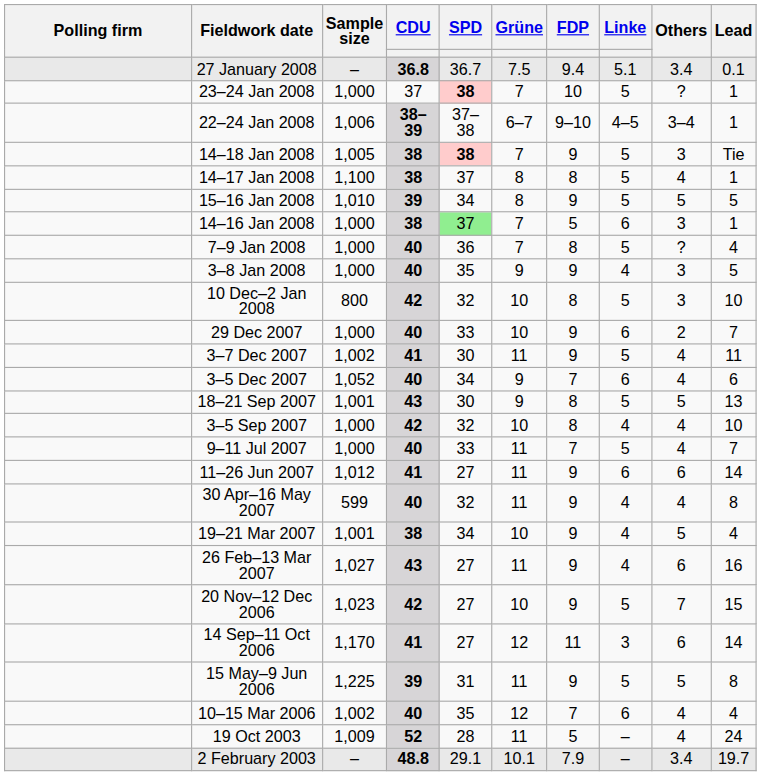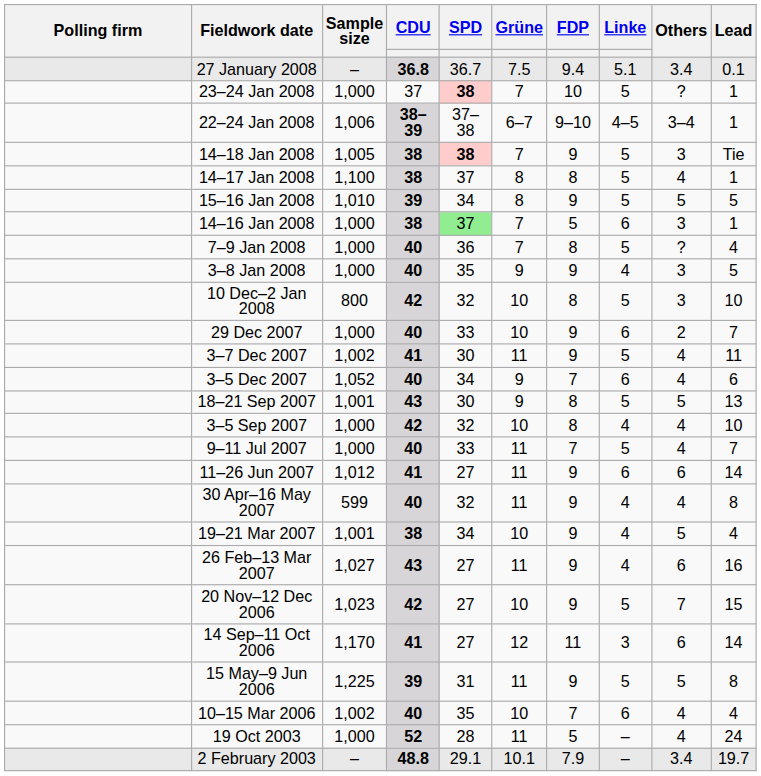 <table class="wikitable sortable" style="text-align:center;font-size:90%;line-height:14px;">
 <tr style="height:40px;">
 <th style="width:160px;" rowspan="2">Polling firm</th>
 <th style="width:110px;" rowspan="2">Fieldwork date</th>
 <th style="width:35px;" rowspan="2">Sample<br>size</th>
 <th class="unsortable" style="width:40px;"><a href='#'>CDU</a></th>
 <th class="unsortable" style="width:40px;"><a href='#'>SPD</a></th>
 <th class="unsortable" style="width:40px;"><a href='#'>Grüne</a></th>
 <th class="unsortable" style="width:40px;"><a href='#'>FDP</a></th>
 <th class="unsortable" style="width:40px;"><a href='#'>Linke</a></th>
 <th class="unsortable" style="width:40px;" rowspan="2">Others</th>
 <th style="width:30px;" rowspan="2">Lead</th>
 </tr>
 <tr>
 <th style="background:"></th>
 <th style="background:"></th>
 <th style="background:"></th>
 <th style="background:"></th>
 <th style="background:"></th>
 </tr>
 <tr style="background:#E9E9E9;">
 <td></td>
 <td data-sort-value="2008-01-27">27 January 2008</td>
 <td>–</td>
 <td style="background:#D7D5D7;"><strong>36.8</strong></td>
 <td>36.7</td>
 <td>7.5</td>
 <td>9.4</td>
 <td>5.1</td>
 <td>3.4</td>
 <td style="background:">0.1</td>
 </tr>
 <tr>
 <td></td>
 <td data-sort-value="2008-01-25">23–24 Jan 2008</td>
 <td>1,000</td>
 <td>37</td>
 <td style="background:#FFCCCC;"><strong>38</strong></td>
 <td>7</td>
 <td>10</td>
 <td>5</td>
 <td>?</td>
 <td style="background:">1</td>
 </tr>
 <tr>
 <td></td>
 <td data-sort-value="2008-01-25">22–24 Jan 2008</td>
 <td>1,006</td>
 <td style="background:#D7D5D7;"><strong>38–39</strong></td>
 <td>37–38</td>
 <td>6–7</td>
 <td>9–10</td>
 <td>4–5</td>
 <td>3–4</td>
 <td style="background:">1</td>
 </tr>
 <tr>
 <td></td>
 <td data-sort-value="2008-01-22">14–18 Jan 2008</td>
 <td>1,005</td>
 <td style="background:#D7D5D7;"><strong>38</strong></td>
 <td style="background:#FFCCCC;"><strong>38</strong></td>
 <td>7</td>
 <td>9</td>
 <td>5</td>
 <td>3</td>
 <td data-sort-value="0">Tie</td>
 </tr>
 <tr>
 <td></td>
 <td data-sort-value="2008-01-18">14–17 Jan 2008</td>
 <td>1,100</td>
 <td style="background:#D7D5D7;"><strong>38</strong></td>
 <td>37</td>
 <td>8</td>
 <td>8</td>
 <td>5</td>
 <td>4</td>
 <td style="background:">1</td>
 </tr>
 <tr>
 <td></td>
 <td data-sort-value="2008-01-18">15–16 Jan 2008</td>
 <td>1,010</td>
 <td style="background:#D7D5D7;"><strong>39</strong></td>
 <td>34</td>
 <td>8</td>
 <td>9</td>
 <td>5</td>
 <td>5</td>
 <td style="background:">5</td>
 </tr>
 <tr>
 <td></td>
 <td data-sort-value="2008-01-17">14–16 Jan 2008</td>
 <td>1,000</td>
 <td style="background:#D7D5D7;"><strong>38</strong></td>
 <td style="background: lightgreen;">37</td>
 <td>7</td>
 <td>5</td>
 <td>6</td>
 <td>3</td>
 <td style="background:">1</td>
 </tr>
 <tr>
 <td></td>
 <td data-sort-value="2008-01-11">7–9 Jan 2008</td>
 <td>1,000</td>
 <td style="background:#D7D5D7;"><strong>40</strong></td>
 <td>36</td>
 <td>7</td>
 <td>8</td>
 <td>5</td>
 <td>?</td>
 <td style="background:">4</td>
 </tr>
 <tr>
 <td></td>
 <td data-sort-value="2008-01-09">3–8 Jan 2008</td>
 <td>1,000</td>
 <td style="background:#D7D5D7;"><strong>40</strong></td>
 <td>35</td>
 <td>9</td>
 <td>9</td>
 <td>4</td>
 <td>3</td>
 <td style="background:">5</td>
 </tr>
 <tr>
 <td></td>
 <td data-sort-value="2008-01-05">10 Dec–2 Jan 2008</td>
 <td>800</td>
 <td style="background:#D7D5D7;"><strong>42</strong></td>
 <td>32</td>
 <td>10</td>
 <td>8</td>
 <td>5</td>
 <td>3</td>
 <td style="background:">10</td>
 </tr>
 <tr>
 <td></td>
 <td data-sort-value="2007-12-29">29 Dec 2007</td>
 <td>1,000</td>
 <td style="background:#D7D5D7;"><strong>40</strong></td>
 <td>33</td>
 <td>10</td>
 <td>9</td>
 <td>6</td>
 <td>2</td>
 <td style="background:">7</td>
 </tr>
 <tr>
 <td></td>
 <td data-sort-value="2007-12-12">3–7 Dec 2007</td>
 <td>1,002</td>
 <td style="background:#D7D5D7;"><strong>41</strong></td>
 <td>30</td>
 <td>11</td>
 <td>9</td>
 <td>5</td>
 <td>4</td>
 <td style="background:">11</td>
 </tr>
 <tr>
 <td></td>
 <td data-sort-value="2007-12-07">3–5 Dec 2007</td>
 <td>1,052</td>
 <td style="background:#D7D5D7;"><strong>40</strong></td>
 <td>34</td>
 <td>9</td>
 <td>7</td>
 <td>6</td>
 <td>4</td>
 <td style="background:">6</td>
 </tr>
 <tr>
 <td></td>
 <td data-sort-value="2007-09-26">18–21 Sep 2007</td>
 <td>1,001</td>
 <td style="background:#D7D5D7;"><strong>43</strong></td>
 <td>30</td>
 <td>9</td>
 <td>8</td>
 <td>5</td>
 <td>5</td>
 <td style="background:">13</td>
 </tr>
 <tr>
 <td></td>
 <td data-sort-value="2007-09-06">3–5 Sep 2007</td>
 <td>1,000</td>
 <td style="background:#D7D5D7;"><strong>42</strong></td>
 <td>32</td>
 <td>10</td>
 <td>8</td>
 <td>4</td>
 <td>4</td>
 <td style="background:">10</td>
 </tr>
 <tr>
 <td></td>
 <td data-sort-value="2007-07-24">9–11 Jul 2007</td>
 <td>1,000</td>
 <td style="background:#D7D5D7;"><strong>40</strong></td>
 <td>33</td>
 <td>11</td>
 <td>7</td>
 <td>5</td>
 <td>4</td>
 <td style="background:">7</td>
 </tr>
 <tr>
 <td></td>
 <td data-sort-value="2007-06-28">11–26 Jun 2007</td>
 <td>1,012</td>
 <td style="background:#D7D5D7;"><strong>41</strong></td>
 <td>27</td>
 <td>11</td>
 <td>9</td>
 <td>6</td>
 <td>6</td>
 <td style="background:">14</td>
 </tr>
 <tr>
 <td></td>
 <td data-sort-value="2007-05-20">30 Apr–16 May 2007</td>
 <td>599</td>
 <td style="background:#D7D5D7;"><strong>40</strong></td>
 <td>32</td>
 <td>11</td>
 <td>9</td>
 <td>4</td>
 <td>4</td>
 <td style="background:">8</td>
 </tr>
 <tr>
 <td></td>
 <td data-sort-value="2007-03-24">19–21 Mar 2007</td>
 <td>1,001</td>
 <td style="background:#D7D5D7;"><strong>38</strong></td>
 <td>34</td>
 <td>10</td>
 <td>9</td>
 <td>4</td>
 <td>5</td>
 <td style="background:">4</td>
 </tr>
 <tr>
 <td></td>
 <td data-sort-value="2007-03-14">26 Feb–13 Mar 2007</td>
 <td>1,027</td>
 <td style="background:#D7D5D7;"><strong>43</strong></td>
 <td>27</td>
 <td>11</td>
 <td>9</td>
 <td>4</td>
 <td>6</td>
 <td style="background:">16</td>
 </tr>
 <tr>
 <td></td>
 <td data-sort-value="2006-12-14">20 Nov–12 Dec 2006</td>
 <td>1,023</td>
 <td style="background:#D7D5D7;"><strong>42</strong></td>
 <td>27</td>
 <td>10</td>
 <td>9</td>
 <td>5</td>
 <td>7</td>
 <td style="background:">15</td>
 </tr>
 <tr>
 <td></td>
 <td data-sort-value="2006-10-12">14 Sep–11 Oct 2006</td>
 <td>1,170</td>
 <td style="background:#D7D5D7;"><strong>41</strong></td>
 <td>27</td>
 <td>12</td>
 <td>11</td>
 <td>3</td>
 <td>6</td>
 <td style="background:">14</td>
 </tr>
 <tr>
 <td></td>
 <td data-sort-value="2006-06-15">15 May–9 Jun 2006</td>
 <td>1,225</td>
 <td style="background:#D7D5D7;"><strong>39</strong></td>
 <td>31</td>
 <td>11</td>
 <td>9</td>
 <td>5</td>
 <td>5</td>
 <td style="background:">8</td>
 </tr>
 <tr>
 <td></td>
 <td data-sort-value="2006-03-19">10–15 Mar 2006</td>
 <td>1,002</td>
 <td style="background:#D7D5D7;"><strong>40</strong></td>
 <td>35</td>
-<td>12</td>
+<td>10</td>
 <td>7</td>
 <td>6</td>
 <td>4</td>
 <td style="background:">4</td>
 </tr>
 <tr>
 <td></td>
 <td data-sort-value="2003-10-19">19 Oct 2003</td>
-<td>1,009</td>
+<td>1,000</td>
 <td style="background:#D7D5D7;"><strong>52</strong></td>
 <td>28</td>
 <td>11</td>
 <td>5</td>
 <td>–</td>
 <td>4</td>
 <td style="background:">24</td>
 </tr>
 <tr style="background:#E9E9E9;">
 <td></td>
 <td data-sort-value="2003-02-02">2 February 2003</td>
 <td>–</td>
 <td style="background:#D7D5D7;"><strong>48.8</strong></td>
 <td>29.1</td>
 <td>10.1</td>
 <td>7.9</td>
 <td>–</td>
 <td>3.4</td>
 <td style="background:">19.7</td>
 </tr>
 </table>
